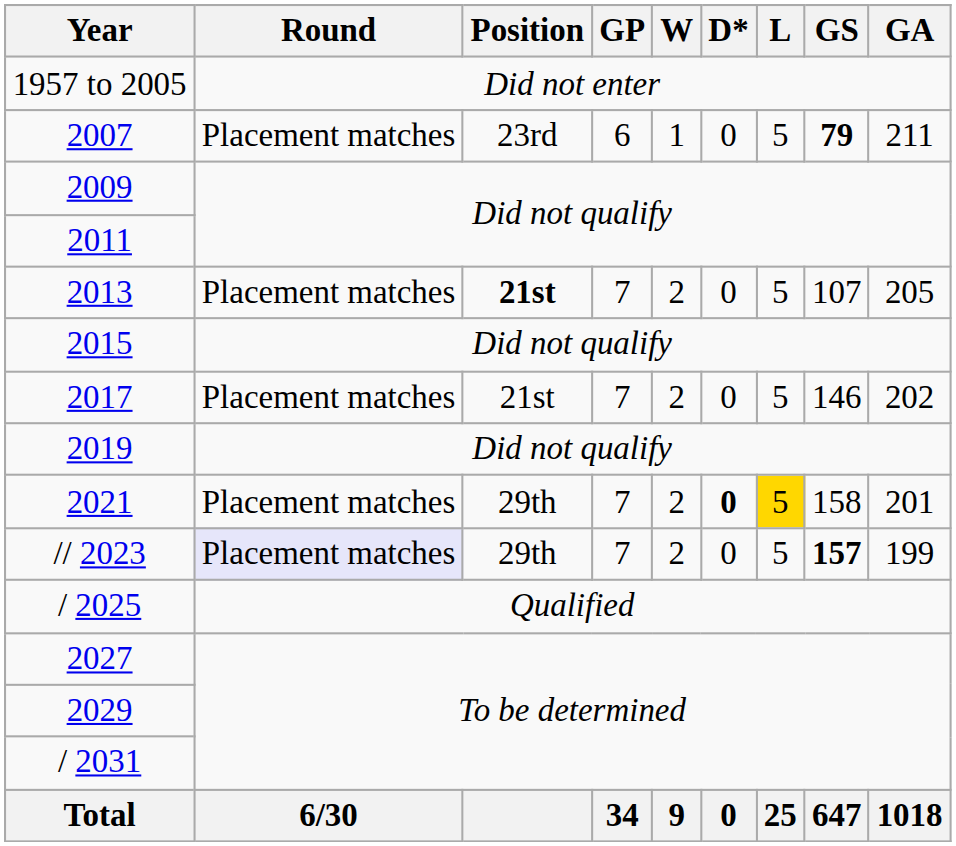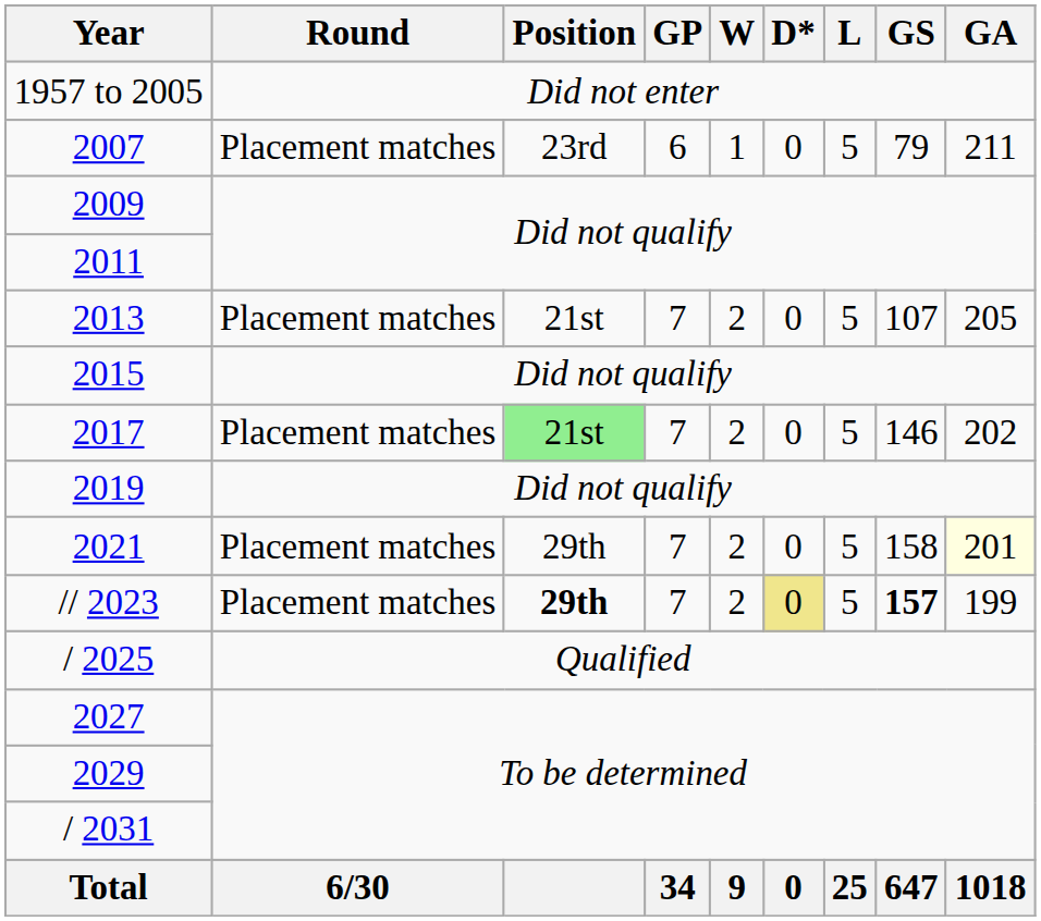 <table class="wikitable" style="text-align: center;">
 <tr>
 <th>Year</th>
 <th>Round</th>
 <th>Position</th>
 <th>GP</th>
 <th>W</th>
 <th>D*</th>
 <th>L</th>
 <th>GS</th>
 <th>GA</th>
 </tr>
 <tr>
 <td>1957 to 2005</td>
 <td colspan=8><em>Did not enter</em></td>
 </tr>
 <tr>
 <td> <a href='#'>2007</a></td>
 <td>Placement matches</td>
 <td>23rd</td>
 <td>6</td>
 <td>1</td>
 <td>0</td>
 <td>5</td>
-<td><strong>79</strong></td>
+<td>79</td>
 <td>211</td>
 </tr>
 <tr>
 <td> <a href='#'>2009</a></td>
 <td rowspan=2 colspan=8><em>Did not qualify</em></td>
 </tr>
 <tr>
 <td> <a href='#'>2011</a></td>
 </tr>
 <tr>
 <td> <a href='#'>2013</a></td>
 <td>Placement matches</td>
-<td><strong>21st</strong></td>
+<td>21st</td>
 <td>7</td>
 <td>2</td>
 <td>0</td>
 <td>5</td>
 <td>107</td>
 <td>205</td>
 </tr>
 <tr>
 <td> <a href='#'>2015</a></td>
 <td colspan=8><em>Did not qualify</em></td>
 </tr>
 <tr>
 <td> <a href='#'>2017</a></td>
 <td>Placement matches</td>
-<td>21st</td>
+<td style="background: lightgreen;">21st</td>
 <td>7</td>
 <td>2</td>
 <td>0</td>
 <td>5</td>
 <td>146</td>
 <td>202</td>
 </tr>
 <tr>
 <td> <a href='#'>2019</a></td>
 <td colspan=8><em>Did not qualify</em></td>
 </tr>
 <tr>
 <td> <a href='#'>2021</a></td>
 <td>Placement matches</td>
 <td>29th</td>
 <td>7</td>
 <td>2</td>
-<td><strong>0</strong></td>
-<td style="background: gold;">5</td>
+<td>0</td>
+<td>5</td>
 <td>158</td>
-<td>201</td>
+<td style="background: lightyellow;">201</td>
 </tr>
 <tr>
 <td>// <a href='#'>2023</a></td>
-<td style="background: lavender;">Placement matches</td>
-<td>29th</td>
+<td>Placement matches</td>
+<td><strong>29th</strong></td>
 <td>7</td>
 <td>2</td>
-<td>0</td>
+<td style="background: khaki;">0</td>
 <td>5</td>
 <td><strong>157</strong></td>
 <td>199</td>
 </tr>
 <tr>
 <td>/ <a href='#'>2025</a></td>
 <td align=center colspan=8><em>Qualified</em></td>
 </tr>
 <tr>
 <td> <a href='#'>2027</a></td>
 <td align=center colspan=8 rowspan=3><em>To be determined</em></td>
 </tr>
 <tr>
 <td> <a href='#'>2029</a></td>
 </tr>
 <tr>
 <td>/ <a href='#'>2031</a></td>
 </tr>
 <tr>
 <th>Total</th>
 <th>6/30</th>
 <th></th>
 <th>34</th>
 <th>9</th>
 <th>0</th>
 <th>25</th>
 <th>647</th>
 <th>1018</th>
 </tr>
 </table>
